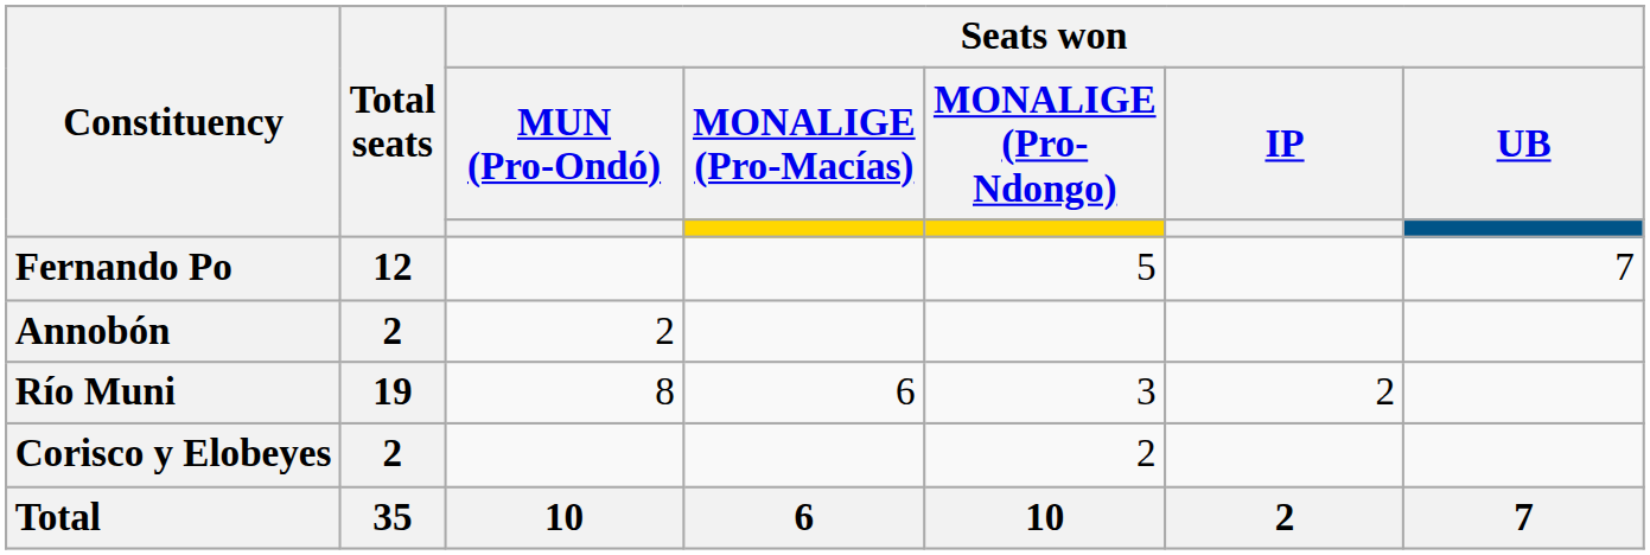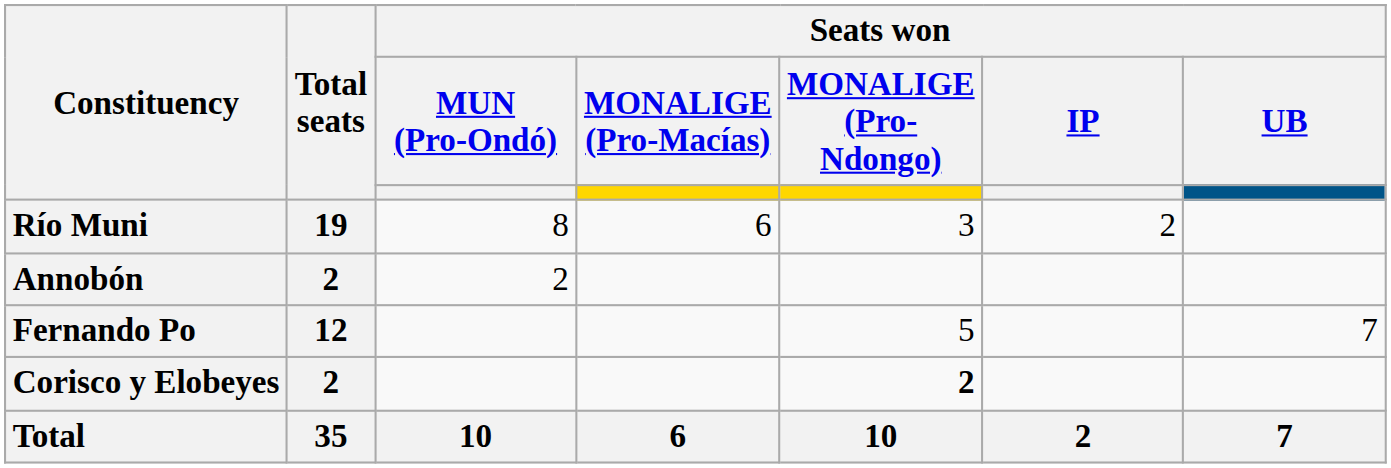 <table class=wikitable style=text-align:right>
 <tr>
 <th rowspan="3">Constituency</th>
 <th rowspan="3">Total<br>seats</th>
 <th colspan="5">Seats won</th>
 </tr>
 <tr>
 <th class="unsortable" style="width:90px;"><a href='#'>MUN<br>(Pro-Ondó)</a></th>
 <th class="unsortable" style="width:90px;"><a href='#'>MONALIGE (Pro-Macías)</a></th>
 <th class="unsortable" style="width:90px;"><a href='#'>MONALIGE (Pro-Ndongo)</a></th>
 <th class="unsortable" style="width:90px;"><a href='#'>IP</a></th>
 <th class="unsortable" style="width:90px;"><a href='#'>UB</a></th>
 </tr>
 <tr>
 <th style="background:"></th>
 <th style="background:#FFD700;"></th>
 <th style="background:#FFD700;"></th>
 <th style="background:"></th>
 <th style="background:#005488;"></th>
 </tr>
 <tr>
-<th style="text-align: left;">Fernando Po</th>
-<th>12</th>
+<th style="text-align: left;">Río Muni</th>
+<th>19</th>
+<td>8</td>
+<td>6</td>
+<td>3</td>
+<td>2</td>
 <td></td>
-<td></td>
-<td>5</td>
-<td></td>
-<td>7</td>
 </tr>
 <tr>
 <th style="text-align: left;">Annobón</th>
 <th>2</th>
 <td>2</td>
 <td></td>
 <td></td>
 <td></td>
 <td></td>
 </tr>
 <tr>
-<th style="text-align: left;">Río Muni</th>
-<th>19</th>
-<td>8</td>
-<td>6</td>
-<td>3</td>
-<td>2</td>
+<th style="text-align: left;">Fernando Po</th>
+<th>12</th>
 <td></td>
+<td></td>
+<td>5</td>
+<td></td>
+<td>7</td>
 </tr>
 <tr>
 <th style="text-align: left;">Corisco y Elobeyes</th>
 <th>2</th>
 <td></td>
 <td></td>
-<td>2</td>
+<td><strong>2</strong></td>
 <td></td>
 <td></td>
 </tr>
 <tr>
 <th style="text-align: left;">Total</th>
 <th>35</th>
 <th>10</th>
 <th>6</th>
 <th>10</th>
 <th>2</th>
 <th>7</th>
 </tr>
 </table>
